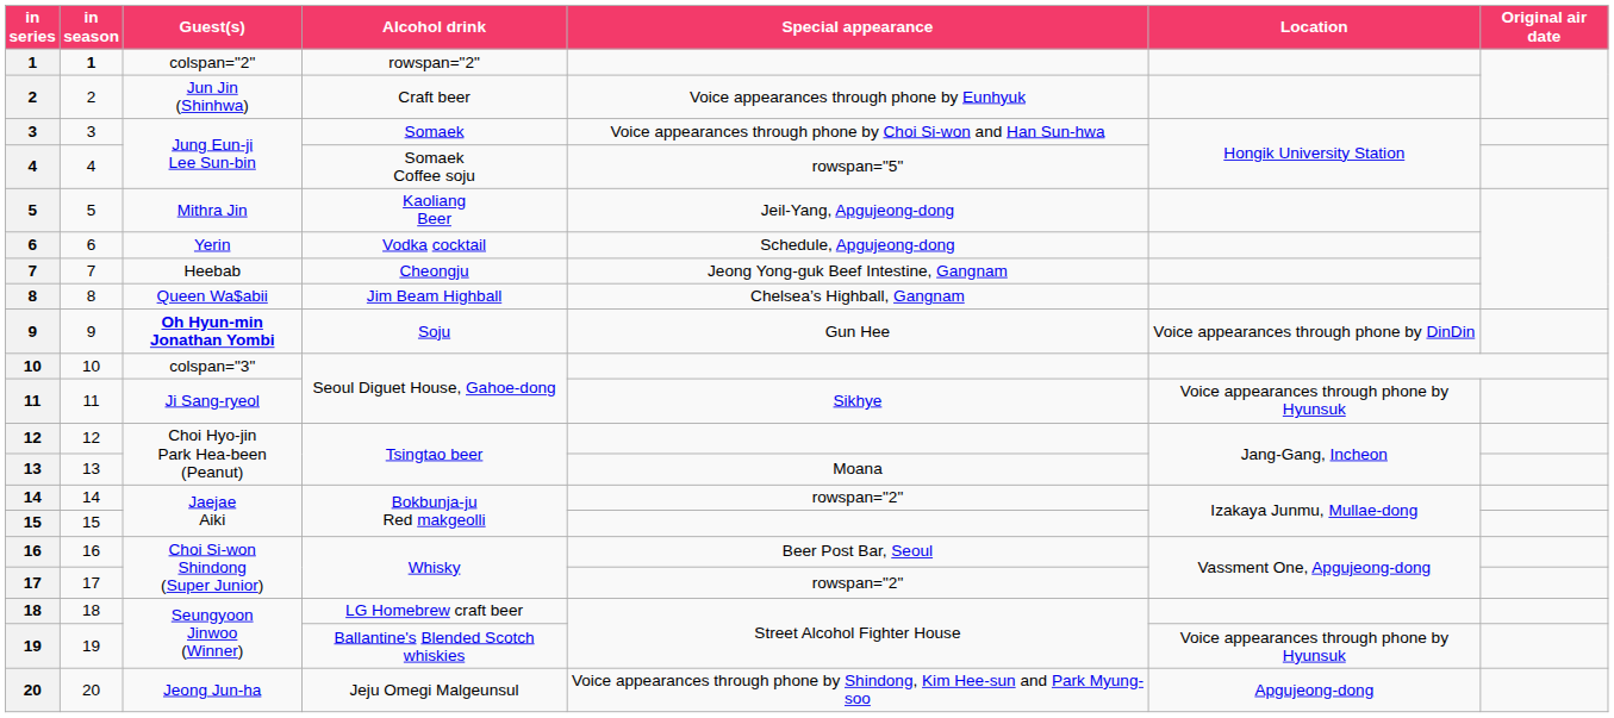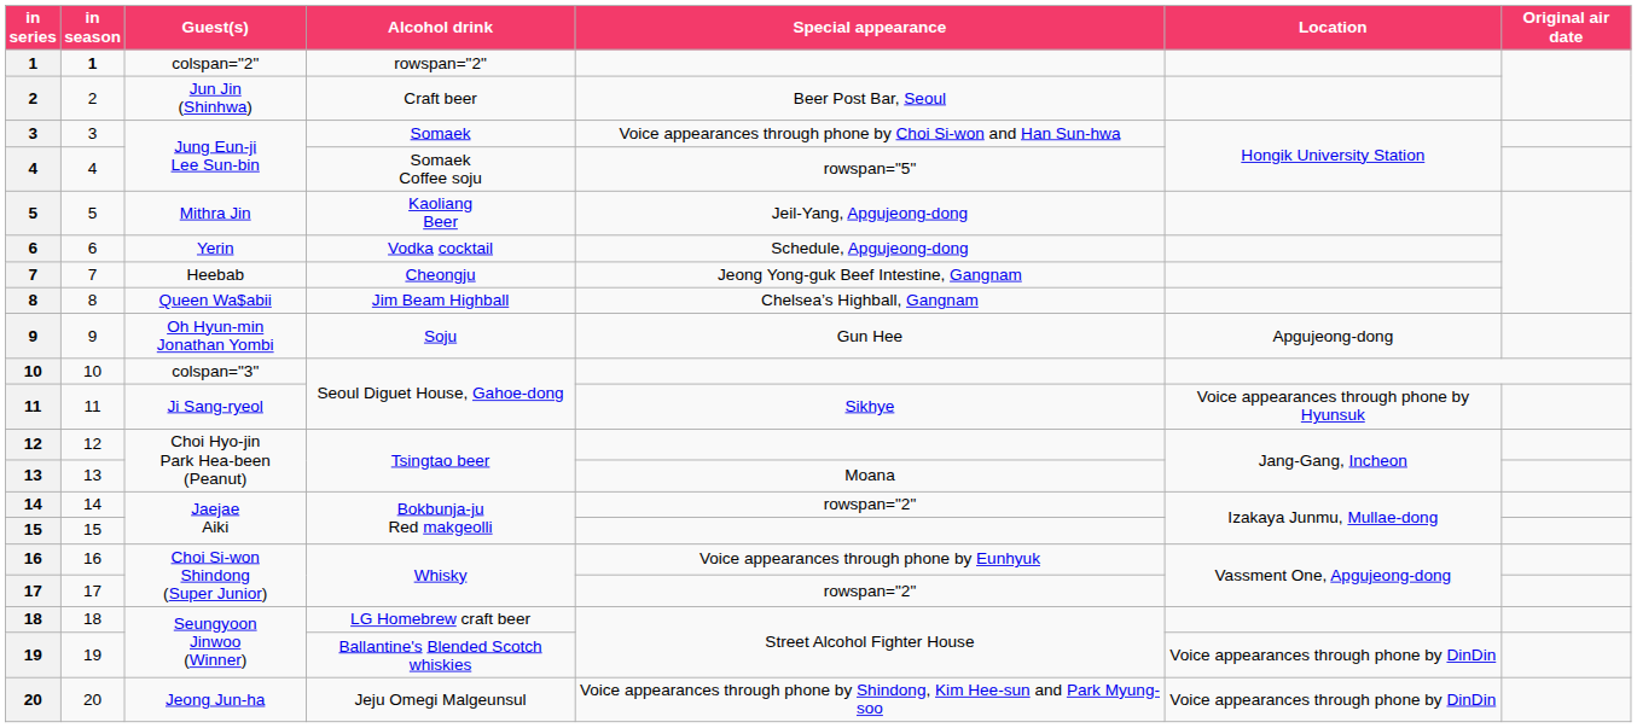 <table class="sortable wikitable" style="text-align:center; style=font-size:85%; width:100%">
 <tr style="color:white;">
 <th style="background:#F33A6A"> in<br>series</th>
 <th style="background:#F33A6A"> in<br>season</th>
 <th style="background:#F33A6A">Guest(s)</th>
 <th style="background:#F33A6A">Alcohol drink</th>
 <th style="background:#F33A6A">Special appearance</th>
 <th style="background:#F33A6A">Location</th>
 <th style="background:#F33A6A">Original air date</th>
 </tr>
 <tr>
 <th>1</th>
 <td><strong>1</strong></td>
 <td>colspan="2" </td>
 <td>rowspan="2" </td>
 <td></td>
 <td></td>
 </tr>
 <tr>
 <th>2</th>
 <td>2</td>
 <td><a href='#'>Jun Jin</a><br>(<a href='#'>Shinhwa</a>)</td>
 <td>Craft beer</td>
-<td>Voice appearances through phone by <a href='#'>Eunhyuk</a></td>
+<td>Beer Post Bar, <a href='#'>Seoul</a></td>
 <td></td>
 </tr>
 <tr>
 <th>3</th>
 <td>3</td>
 <td rowspan="2"><a href='#'>Jung Eun-ji</a><br><a href='#'>Lee Sun-bin</a></td>
 <td><a href='#'>Somaek</a></td>
 <td>Voice appearances through phone by <a href='#'>Choi Si-won</a> and <a href='#'>Han Sun-hwa</a></td>
 <td rowspan="2"><a href='#'>Hongik University Station</a></td>
 <td></td>
 </tr>
 <tr>
 <th>4</th>
 <td>4</td>
 <td>Somaek <br>Coffee soju</td>
 <td>rowspan="5" </td>
 <td></td>
 </tr>
 <tr>
 <th>5</th>
 <td>5</td>
 <td><a href='#'>Mithra Jin</a></td>
 <td><a href='#'>Kaoliang</a><br><a href='#'>Beer</a></td>
 <td>Jeil-Yang, <a href='#'>Apgujeong-dong</a></td>
 <td></td>
 </tr>
 <tr>
 <th>6</th>
 <td>6</td>
 <td><a href='#'>Yerin</a></td>
 <td><a href='#'>Vodka</a> <a href='#'>cocktail</a></td>
 <td>Schedule, <a href='#'>Apgujeong-dong</a></td>
 <td></td>
 </tr>
 <tr>
 <th>7</th>
 <td>7</td>
 <td>Heebab</td>
 <td><a href='#'>Cheongju</a></td>
 <td>Jeong Yong-guk Beef Intestine, <a href='#'>Gangnam</a></td>
 <td></td>
 </tr>
 <tr>
 <th>8</th>
 <td>8</td>
 <td><a href='#'>Queen Wa$abii</a></td>
 <td><a href='#'>Jim Beam Highball</a></td>
 <td>Chelsea’s Highball, <a href='#'>Gangnam</a></td>
 <td></td>
 </tr>
 <tr>
 <th>9</th>
 <td>9</td>
-<td><strong><a href='#'>Oh Hyun-min</a> <br> <a href='#'>Jonathan Yombi</a></strong></td>
+<td><a href='#'>Oh Hyun-min</a> <br> <a href='#'>Jonathan Yombi</a></td>
 <td><a href='#'>Soju</a></td>
 <td>Gun Hee</td>
-<td>Voice appearances through phone by <a href='#'>DinDin</a></td>
+<td>Apgujeong-dong</td>
 <td></td>
 </tr>
 <tr>
 <th>10</th>
 <td>10</td>
 <td>colspan="3" </td>
 <td rowspan="2">Seoul Diguet House, <a href='#'>Gahoe-dong</a></td>
 <td></td>
 </tr>
 <tr>
 <th>11</th>
 <td>11</td>
 <td><a href='#'>Ji Sang-ryeol</a></td>
 <td><a href='#'>Sikhye</a></td>
 <td>Voice appearances through phone by <a href='#'>Hyunsuk</a></td>
 <td></td>
 </tr>
 <tr>
 <th>12</th>
 <td>12</td>
 <td rowspan="2">Choi Hyo-jin <br> Park Hea-been (Peanut)</td>
 <td rowspan="2"><a href='#'>Tsingtao beer</a></td>
 <td></td>
 <td rowspan="2">Jang-Gang, <a href='#'>Incheon</a></td>
 <td></td>
 </tr>
 <tr>
 <th>13</th>
 <td>13</td>
 <td>Moana</td>
 <td></td>
 </tr>
 <tr>
 <th>14</th>
 <td>14</td>
 <td rowspan="2"><a href='#'>Jaejae</a><br>Aiki</td>
 <td rowspan="2"><a href='#'>Bokbunja-ju</a> <br> Red <a href='#'>makgeolli</a></td>
 <td>rowspan="2" </td>
 <td rowspan="2">Izakaya Junmu, <a href='#'>Mullae-dong</a></td>
 <td></td>
 </tr>
 <tr>
 <th>15</th>
 <td>15</td>
 <td></td>
 </tr>
 <tr>
 <th>16</th>
 <td>16</td>
 <td rowspan="2"><a href='#'>Choi Si-won</a><br><a href='#'>Shindong</a> <br>(<a href='#'>Super Junior</a>)</td>
 <td rowspan="2"><a href='#'>Whisky</a></td>
-<td>Beer Post Bar, <a href='#'>Seoul</a></td>
+<td>Voice appearances through phone by <a href='#'>Eunhyuk</a></td>
 <td rowspan="2">Vassment One, <a href='#'>Apgujeong-dong</a></td>
 <td></td>
 </tr>
 <tr>
 <th>17</th>
 <td>17</td>
 <td>rowspan="2" </td>
 <td></td>
 </tr>
 <tr>
 <th>18</th>
 <td>18</td>
 <td rowspan="2"><a href='#'>Seungyoon</a> <br> <a href='#'>Jinwoo</a> <br>(<a href='#'>Winner</a>)</td>
 <td><a href='#'>LG Homebrew</a> craft beer</td>
 <td rowspan="2">Street Alcohol Fighter House</td>
 <td></td>
 </tr>
 <tr>
 <th>19</th>
 <td>19</td>
 <td><a href='#'>Ballantine's</a> <a href='#'>Blended Scotch whiskies</a></td>
-<td>Voice appearances through phone by <a href='#'>Hyunsuk</a></td>
+<td>Voice appearances through phone by <a href='#'>DinDin</a></td>
 <td></td>
 </tr>
 <tr>
 <th>20</th>
 <td>20</td>
 <td><a href='#'>Jeong Jun-ha</a></td>
 <td>Jeju Omegi Malgeunsul</td>
 <td>Voice appearances through phone by <a href='#'>Shindong</a>, <a href='#'>Kim Hee-sun</a> and <a href='#'>Park Myung-soo</a></td>
-<td><a href='#'>Apgujeong-dong</a></td>
+<td>Voice appearances through phone by <a href='#'>DinDin</a></td>
 <td></td>
 </tr>
 </table>
